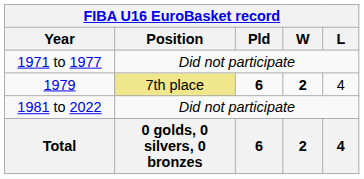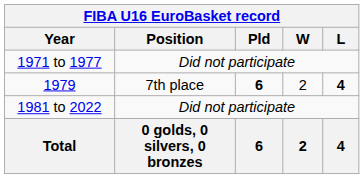 <table class="wikitable"  style="text-align:center; font-size:95%; width:60%;">
 <tr>
 <th colspan=9><a href='#'>FIBA U16 EuroBasket record</a></th>
 </tr>
 <tr>
 <th width=15%>Year</th>
 <th width=15%>Position</th>
 <th width=5%>Pld</th>
 <th width=5%>W</th>
 <th width=5%>L</th>
 </tr>
 <tr>
 <td> <a href='#'>1971</a> to  <a href='#'>1977</a></td>
 <td colspan=5><em>Did not participate</em></td>
 </tr>
 <tr>
 <td> <a href='#'>1979</a></td>
-<td style="background: khaki;">7th place</td>
+<td>7th place</td>
 <td><strong>6</strong></td>
-<td><strong>2</strong></td>
-<td>4</td>
+<td>2</td>
+<td><strong>4</strong></td>
 </tr>
 <tr>
 <td> <a href='#'>1981</a> to  <a href='#'>2022</a></td>
 <td colspan=5><em>Did not participate</em></td>
 </tr>
 <tr>
 <th>Total</th>
 <th>0 golds, 0 silvers, 0 bronzes</th>
 <th>6</th>
 <th>2</th>
 <th>4</th>
 </tr>
 </table>
